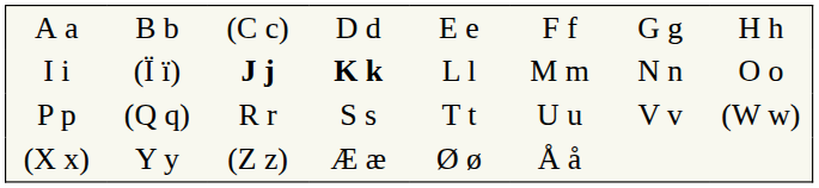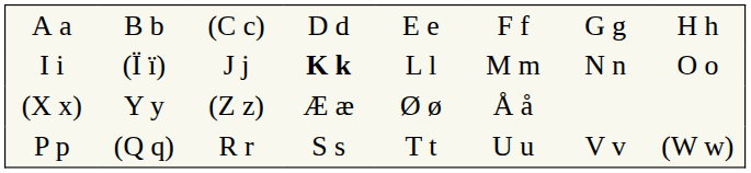 <table style="font-family:Arial Unicode MS; font-size:1.4em; border-color:#000000; border-width:1px; border-style:solid; border-collapse:collapse; background-color:#F8F8EF">
 <tr>
 <td style="width:3em; text-align:center; padding: 3px;">А а</td>
 <td style="width:3em; text-align:center; padding: 3px;">B b</td>
 <td style="width:3em; text-align:center; padding: 3px;">(C c)</td>
 <td style="width:3em; text-align:center; padding: 3px;">D d</td>
 <td style="width:3em; text-align:center; padding: 3px;">E e</td>
 <td style="width:3em; text-align:center; padding: 3px;">F f</td>
 <td style="width:3em; text-align:center; padding: 3px;">G g</td>
 <td style="width:3em; text-align:center; padding: 3px;">H h</td>
 </tr>
 <tr>
 <td style="width:3em; text-align:center; padding: 3px;">I i</td>
 <td style="width:3em; text-align:center; padding: 3px;">(Ï ï)</td>
-<td style="width:3em; text-align:center; padding: 3px;"><strong>J j</strong></td>
+<td style="width:3em; text-align:center; padding: 3px;">J j</td>
 <td style="width:3em; text-align:center; padding: 3px;"><strong>K k</strong></td>
 <td style="width:3em; text-align:center; padding: 3px;">L l</td>
 <td style="width:3em; text-align:center; padding: 3px;">M m</td>
 <td style="width:3em; text-align:center; padding: 3px;">N n</td>
 <td style="width:3em; text-align:center; padding: 3px;">O o</td>
+</tr>
+<tr>
+<td style="width:3em; text-align:center; padding: 3px;">(X x)</td>
+<td style="width:3em; text-align:center; padding: 3px;">Y y</td>
+<td style="width:3em; text-align:center; padding: 3px;">(Z z)</td>
+<td style="width:3em; text-align:center; padding: 3px;">Æ æ</td>
+<td style="width:3em; text-align:center; padding: 3px;">Ø ø</td>
+<td style="width:3em; text-align:center; padding: 3px;">Å å</td>
+<td></td>
+<td></td>
 </tr>
 <tr>
 <td style="width:3em; text-align:center; padding: 3px;">P p</td>
 <td style="width:3em; text-align:center; padding: 3px;">(Q q)</td>
 <td style="width:3em; text-align:center; padding: 3px;">R r</td>
 <td style="width:3em; text-align:center; padding: 3px;">S s</td>
 <td style="width:3em; text-align:center; padding: 3px;">T t</td>
 <td style="width:3em; text-align:center; padding: 3px;">U u</td>
 <td style="width:3em; text-align:center; padding: 3px;">V v</td>
 <td style="width:3em; text-align:center; padding: 3px;">(W w)</td>
 </tr>
-<tr>
-<td style="width:3em; text-align:center; padding: 3px;">(X x)</td>
-<td style="width:3em; text-align:center; padding: 3px;">Y y</td>
-<td style="width:3em; text-align:center; padding: 3px;">(Z z)</td>
-<td style="width:3em; text-align:center; padding: 3px;">Æ æ</td>
-<td style="width:3em; text-align:center; padding: 3px;">Ø ø</td>
-<td style="width:3em; text-align:center; padding: 3px;">Å å</td>
-<td></td>
-<td></td>
-</tr>
 </table>
